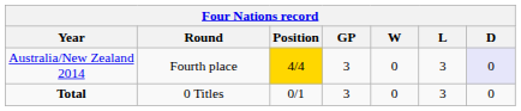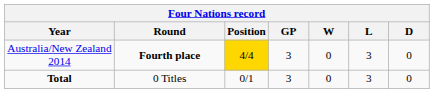 <table class="wikitable" style="text-align: center;">
 <tr>
 <th colspan=9><a href='#'>Four Nations record</a></th>
 </tr>
 <tr>
 <th width=150>Year</th>
 <th width=150>Round</th>
 <th width=50>Position</th>
 <th width=50>GP</th>
 <th width=50>W</th>
 <th width=50>L</th>
 <th width=50>D</th>
 </tr>
 <tr>
 <td><a href='#'>Australia/New Zealand 2014</a></td>
-<td>Fourth place</td>
+<td><strong>Fourth place</strong></td>
 <td style="background: gold;">4/4</td>
 <td>3</td>
 <td>0</td>
 <td>3</td>
-<td style="background: lavender;">0</td>
+<td>0</td>
 </tr>
 <tr>
 <td><strong>Total</strong></td>
 <td>0 Titles</td>
 <td>0/1</td>
 <td>3</td>
 <td>0</td>
 <td>3</td>
 <td>0</td>
 </tr>
 </table>
